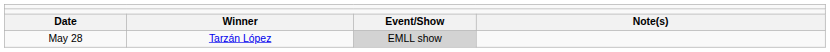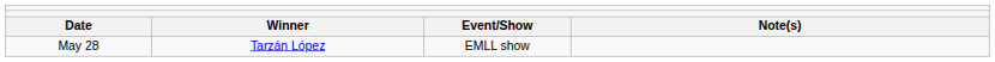 <table class="wikitable" style="text-align:center; width:100%;">
 <tr>
 <td colspan=5></td>
 </tr>
 <tr>
 <td colspan=5><strong></strong></td>
 </tr>
 <tr>
 <th width=14%>Date</th>
 <th width=26%>Winner</th>
 <th width=14%>Event/Show</th>
 <th width=40%>Note(s)</th>
 </tr>
 <tr>
 <td>May 28</td>
 <td><a href='#'>Tarzán López</a></td>
-<td style="background: lightgrey;">EMLL show</td>
+<td>EMLL show</td>
 <td align=left></td>
 </tr>
 </table>
